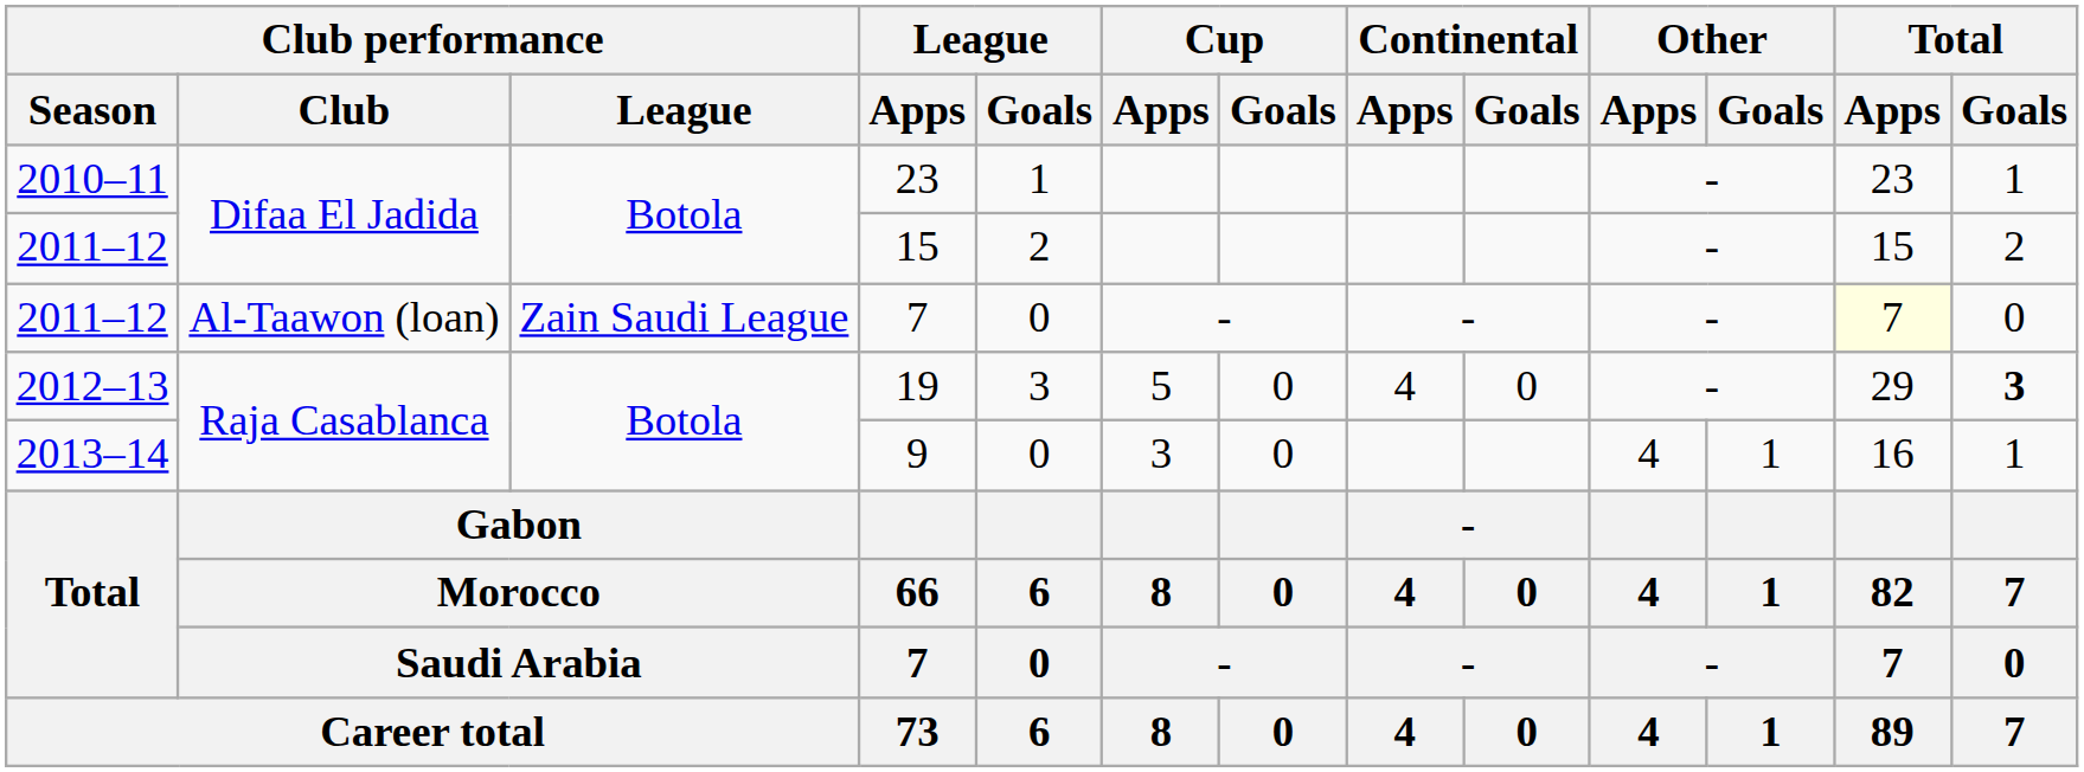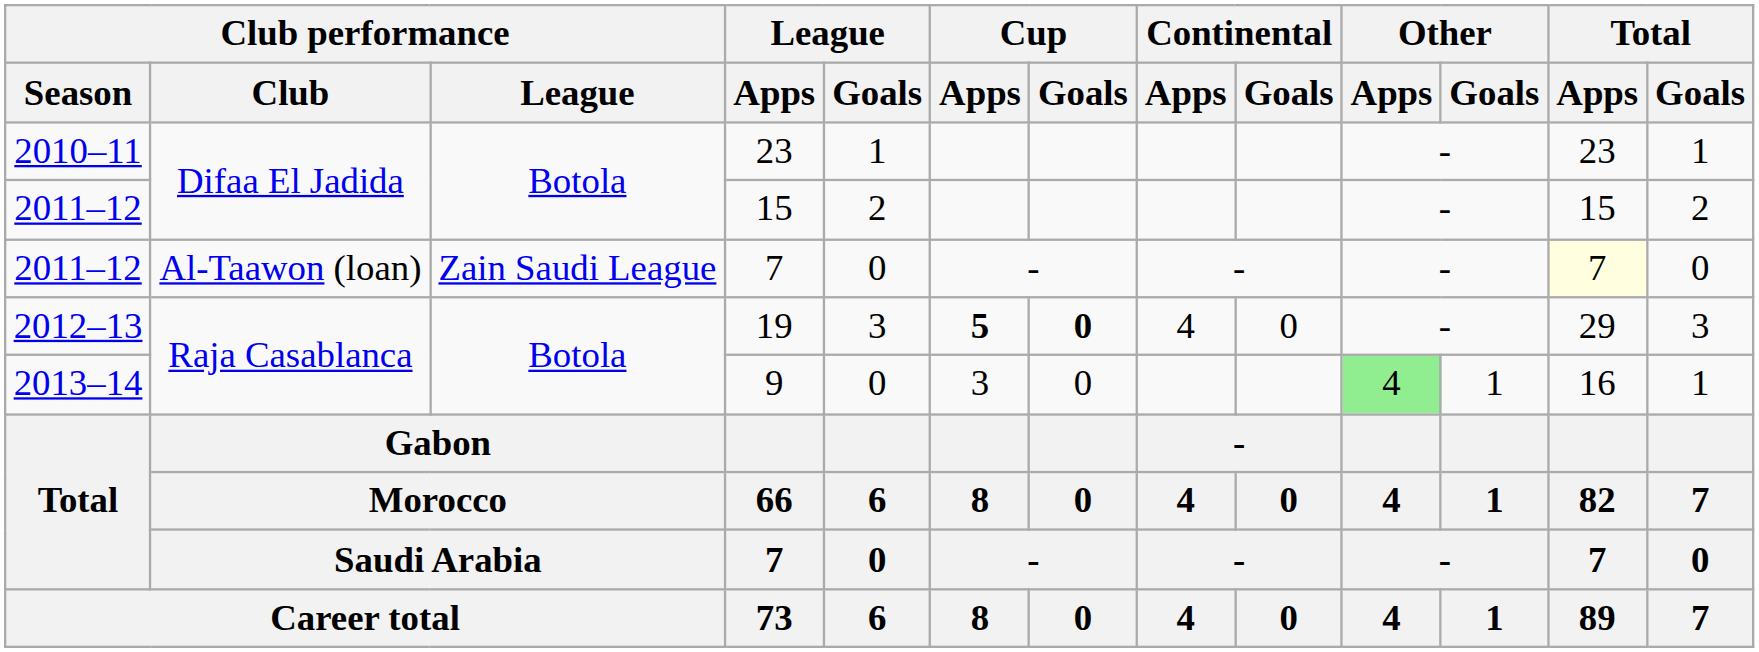 <table class="wikitable" style="text-align: center;">
 <tr>
 <th colspan=3>Club performance</th>
 <th colspan=2>League</th>
 <th colspan=2>Cup</th>
 <th colspan=2>Continental</th>
 <th colspan=2>Other</th>
 <th colspan=2>Total</th>
 </tr>
 <tr>
 <th>Season</th>
 <th>Club</th>
 <th>League</th>
 <th>Apps</th>
 <th>Goals</th>
 <th>Apps</th>
 <th>Goals</th>
 <th>Apps</th>
 <th>Goals</th>
 <th>Apps</th>
 <th>Goals</th>
 <th>Apps</th>
 <th>Goals</th>
 </tr>
 <tr>
 <td><a href='#'>2010–11</a></td>
 <td rowspan=2><a href='#'>Difaa El Jadida</a></td>
 <td rowspan=2><a href='#'>Botola</a></td>
 <td>23</td>
 <td>1</td>
 <td></td>
 <td></td>
 <td></td>
 <td></td>
 <td colspan=2>-</td>
 <td>23</td>
 <td>1</td>
 </tr>
 <tr>
 <td><a href='#'>2011–12</a></td>
 <td>15</td>
 <td>2</td>
 <td></td>
 <td></td>
 <td></td>
 <td></td>
 <td colspan=2>-</td>
 <td>15</td>
 <td>2</td>
 </tr>
 <tr>
 <td><a href='#'>2011–12</a></td>
 <td><a href='#'>Al-Taawon</a> (loan)</td>
 <td><a href='#'>Zain Saudi League</a></td>
 <td>7</td>
 <td>0</td>
 <td colspan=2>-</td>
 <td colspan=2>-</td>
 <td colspan=2>-</td>
 <td style="background: lightyellow;">7</td>
 <td>0</td>
 </tr>
 <tr>
 <td><a href='#'>2012–13</a></td>
 <td rowspan=2><a href='#'>Raja Casablanca</a></td>
 <td rowspan=2><a href='#'>Botola</a></td>
 <td>19</td>
 <td>3</td>
-<td>5</td>
-<td>0</td>
+<td><strong>5</strong></td>
+<td><strong>0</strong></td>
 <td>4</td>
 <td>0</td>
 <td colspan=2>-</td>
 <td>29</td>
-<td><strong>3</strong></td>
+<td>3</td>
 </tr>
 <tr>
 <td><a href='#'>2013–14</a></td>
 <td>9</td>
 <td>0</td>
 <td>3</td>
 <td>0</td>
 <td></td>
 <td></td>
-<td>4</td>
+<td style="background: lightgreen;">4</td>
 <td>1</td>
 <td>16</td>
 <td>1</td>
 </tr>
 <tr>
 <th rowspan=3>Total</th>
 <th colspan=2>Gabon</th>
 <th></th>
 <th></th>
 <th></th>
 <th></th>
 <th colspan=2>-</th>
 <th></th>
 <th></th>
 <th></th>
 <th></th>
 </tr>
 <tr>
 <th colspan=2>Morocco</th>
 <th>66</th>
 <th>6</th>
 <th>8</th>
 <th>0</th>
 <th>4</th>
 <th>0</th>
 <th>4</th>
 <th>1</th>
 <th>82</th>
 <th>7</th>
 </tr>
 <tr>
 <th colspan=2>Saudi Arabia</th>
 <th>7</th>
 <th>0</th>
 <th colspan=2>-</th>
 <th colspan=2>-</th>
 <th colspan=2>-</th>
 <th>7</th>
 <th>0</th>
 </tr>
 <tr>
 <th colspan=3>Career total</th>
 <th>73</th>
 <th>6</th>
 <th>8</th>
 <th>0</th>
 <th>4</th>
 <th>0</th>
 <th>4</th>
 <th>1</th>
 <th>89</th>
 <th>7</th>
 </tr>
 </table>
